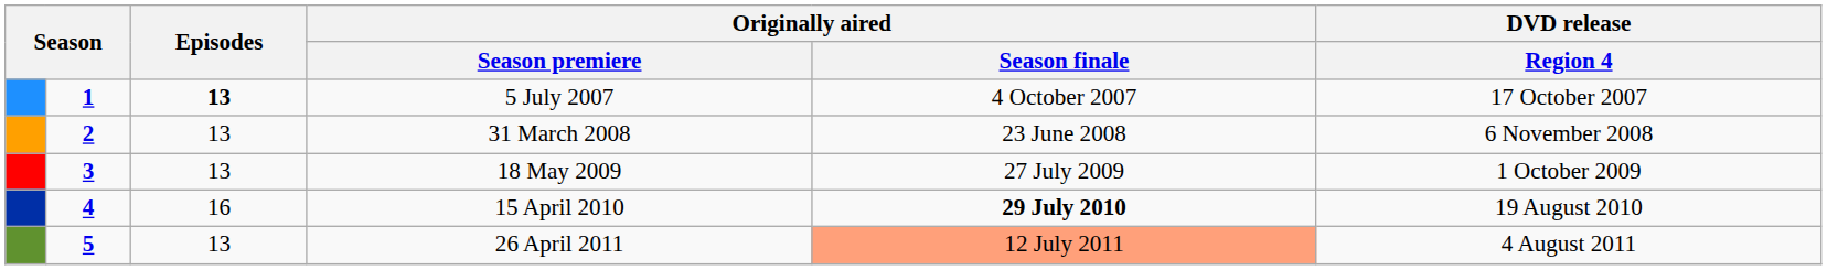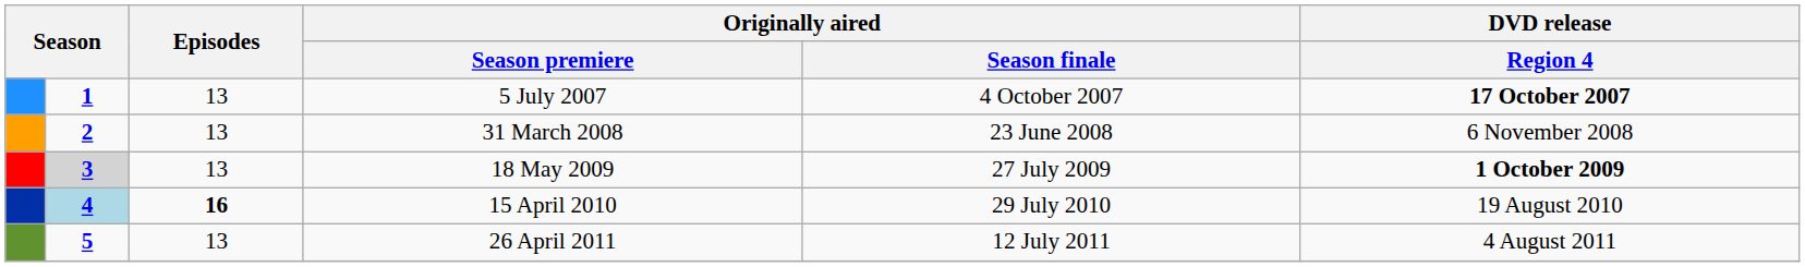 <table class="wikitable">
 <tr>
 <th colspan="2" rowspan="2" width=3%>Season</th>
 <th rowspan="2" width=5%>Episodes</th>
 <th colspan="2">Originally aired</th>
 <th colspan="1">DVD release</th>
 </tr>
 <tr>
 <th width=15%><a href='#'>Season premiere</a></th>
 <th width=15%><a href='#'>Season finale</a></th>
 <th width=15%><a href='#'>Region 4</a></th>
 </tr>
 <tr>
 <td bgcolor="1E90FF" height="10px"></td>
 <td align="center"><strong><a href='#'>1</a></strong></td>
-<td align="center"><strong>13</strong></td>
+<td align="center">13</td>
 <td align="center">5 July 2007</td>
 <td align="center">4 October 2007</td>
-<td align="center">17 October 2007</td>
+<td align="center"><strong>17 October 2007</strong></td>
 </tr>
 <tr>
 <td bgcolor="FFA000" height="10px"></td>
 <td align="center"><strong><a href='#'>2</a></strong></td>
 <td align="center">13</td>
 <td align="center">31 March 2008</td>
 <td align="center">23 June 2008</td>
 <td align="center">6 November 2008</td>
 </tr>
 <tr>
 <td bgcolor="FF0000" height="10px"></td>
-<td align="center"><strong><a href='#'>3</a></strong></td>
+<td align="center" style="background: lightgrey;"><strong><a href='#'>3</a></strong></td>
 <td align="center">13</td>
 <td align="center">18 May 2009</td>
 <td align="center">27 July 2009</td>
-<td align="center">1 October 2009</td>
+<td align="center"><strong>1 October 2009</strong></td>
 </tr>
 <tr>
 <td bgcolor="002FA7" height="10px"></td>
-<td align="center"><strong><a href='#'>4</a></strong></td>
-<td align="center">16</td>
+<td align="center" style="background: lightblue;"><strong><a href='#'>4</a></strong></td>
+<td align="center"><strong>16</strong></td>
 <td align="center">15 April 2010</td>
-<td align="center"><strong>29 July 2010</strong></td>
+<td align="center">29 July 2010</td>
 <td align="center">19 August 2010</td>
 </tr>
 <tr>
 <td bgcolor="60922f" height="10px"></td>
 <td align="center"><strong><a href='#'>5</a></strong></td>
 <td align="center">13</td>
 <td align="center">26 April 2011</td>
-<td align="center" style="background: lightsalmon;">12 July 2011</td>
+<td align="center">12 July 2011</td>
 <td align="center">4 August 2011</td>
 </tr>
 <tr>
 </tr>
 </table>
